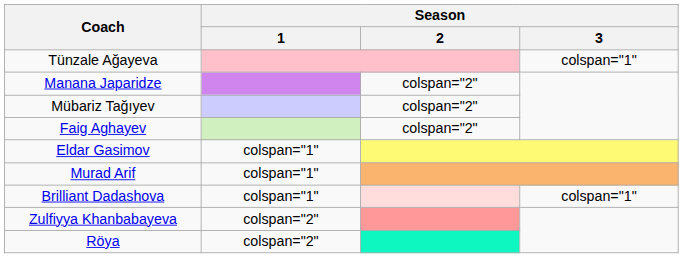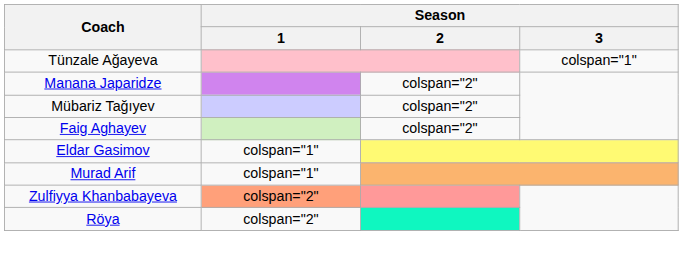 <table class="wikitable" style="width:60%; text-align:center">
 <tr>
 <th rowspan="2" width="100">Coach</th>
 <th colspan="3">Season</th>
 </tr>
 <tr>
 <th width="60">1</th>
 <th width="60">2</th>
 <th width="60">3</th>
 </tr>
 <tr>
 <td>Tünzale Ağayeva</td>
 <td colspan="2" style="background:pink"></td>
 <td>colspan="1" </td>
 </tr>
 <tr>
 <td><a href='#'>Manana Japaridze</a></td>
 <td colspan="1" style="background:#d084ee"></td>
 <td>colspan="2" </td>
 </tr>
 <tr>
 <td>Mübariz Tağıyev</td>
 <td colspan="1" style="background:#ccf"></td>
 <td>colspan="2" </td>
 </tr>
 <tr>
 <td><a href='#'>Faig Aghayev</a></td>
 <td colspan="1" style="background:#d0f0c0"></td>
 <td>colspan="2" </td>
 </tr>
 <tr>
 <td><a href='#'>Eldar Gasimov</a></td>
 <td>colspan="1" </td>
 <td colspan="2" style="background:#fffa73"></td>
 </tr>
 <tr>
 <td><a href='#'>Murad Arif</a></td>
 <td>colspan="1" </td>
 <td colspan="2" style="background:#fbb46e"></td>
 </tr>
 <tr>
-<td><a href='#'>Brilliant Dadashova</a></td>
-<td>colspan="1" </td>
-<td colspan="1" style="background:#ffdddd"></td>
-<td>colspan="1" </td>
-</tr>
-<tr>
 <td><a href='#'>Zulfiyya Khanbabayeva</a></td>
-<td>colspan="2" </td>
+<td style="background: lightsalmon;">colspan="2" </td>
 <td colspan="1" style="background:#ff9999"></td>
 </tr>
 <tr>
 <td><a href='#'>Röya</a></td>
 <td>colspan="2" </td>
 <td colspan="1" style="background:#0ff7c0"></td>
 </tr>
 </table>
